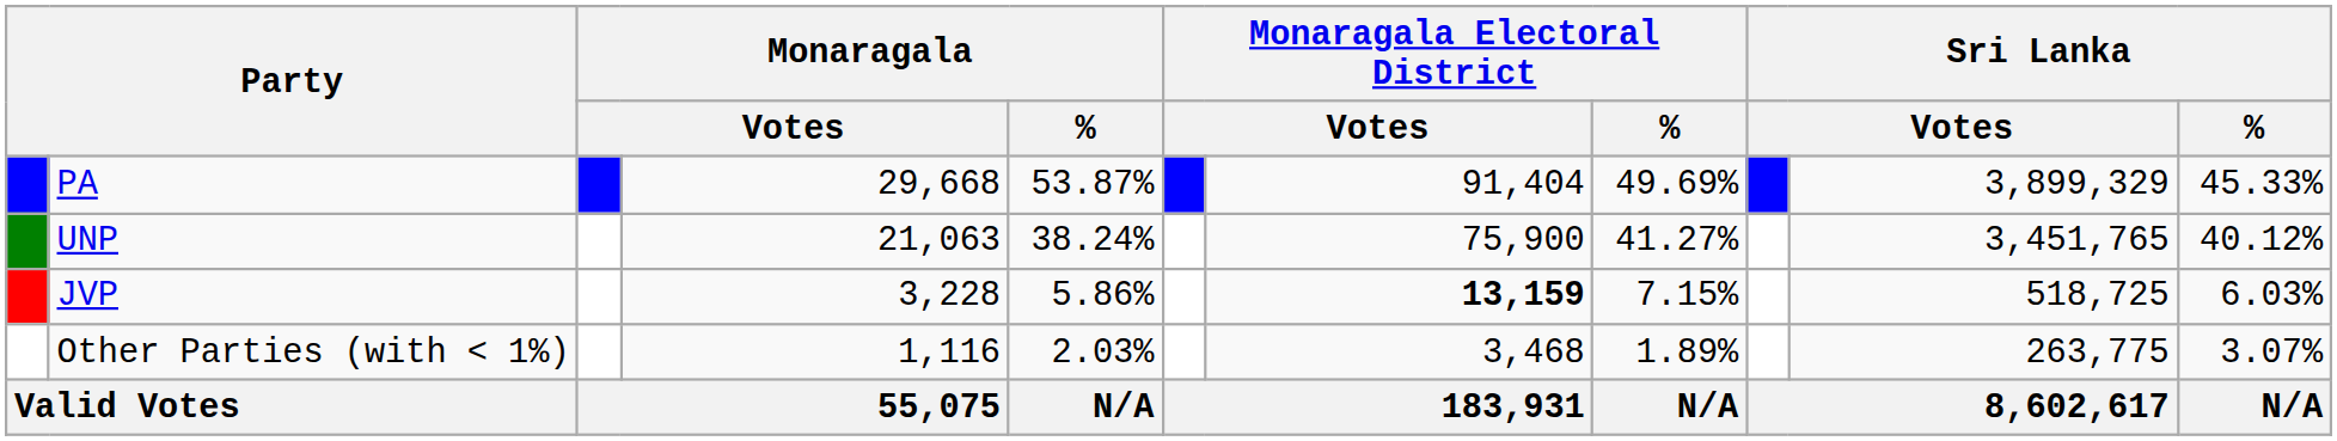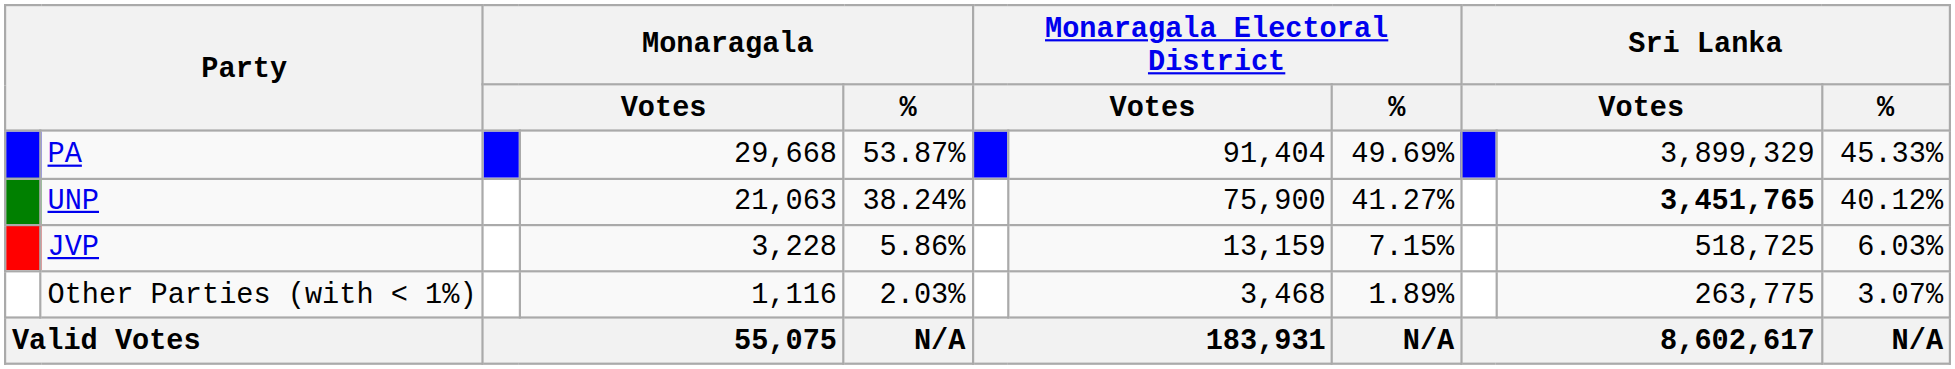 <table class="wikitable">
 <tr>
 <th colspan="2" width="144px"rowspan="2">Party</th>
 <th colspan="3" width="216px">Monaragala</th>
 <th colspan="3" width="216px"><a href='#'>Monaragala Electoral District</a></th>
 <th colspan="3" width="216px">Sri Lanka</th>
 </tr>
 <tr>
 <th colspan="2" width="144px">Votes</th>
 <th>%</th>
 <th colspan="2" width="144px">Votes</th>
 <th>%</th>
 <th colspan="2" width="144px">Votes</th>
 <th>%</th>
 </tr>
 <tr>
 <td style="background-color:blue;" width="10px"></td>
 <td style="text-align:left;"><a href='#'>PA</a></td>
 <td style="background-color:blue;" width="10px"></td>
 <td style="text-align:right;">29,668</td>
 <td style="text-align:right;">53.87%</td>
 <td style="background-color:blue;" width="10px"></td>
 <td style="text-align:right;">91,404</td>
 <td style="text-align:right;">49.69%</td>
 <td style="background-color:blue;" width="10px"></td>
 <td style="text-align:right;">3,899,329</td>
 <td style="text-align:right;">45.33%</td>
 </tr>
 <tr>
 <td style="background-color:green;" width="10px"></td>
 <td style="text-align:left;"><a href='#'>UNP</a></td>
 <td style="background-color:white;" width="10px"></td>
 <td style="text-align:right;">21,063</td>
 <td style="text-align:right;">38.24%</td>
 <td style="background-color:white;" width="10px"></td>
 <td style="text-align:right;">75,900</td>
 <td style="text-align:right;">41.27%</td>
 <td style="background-color:white;" width="10px"></td>
-<td style="text-align:right;">3,451,765</td>
+<td style="text-align:right;"><strong>3,451,765</strong></td>
 <td style="text-align:right;">40.12%</td>
 </tr>
 <tr>
 <td style="background-color:red;" width="10px"></td>
 <td style="text-align:left;"><a href='#'>JVP</a></td>
 <td style="background-color:white;" width="10px"></td>
 <td style="text-align:right;">3,228</td>
 <td style="text-align:right;">5.86%</td>
 <td style="background-color:white;" width="10px"></td>
-<td style="text-align:right;"><strong>13,159</strong></td>
+<td style="text-align:right;">13,159</td>
 <td style="text-align:right;">7.15%</td>
 <td style="background-color:white;" width="10px"></td>
 <td style="text-align:right;">518,725</td>
 <td style="text-align:right;">6.03%</td>
 </tr>
 <tr>
 <td style="background-color:white;" width="10px"></td>
 <td style="text-align:left;">Other Parties (with < 1%)</td>
 <td style="background-color:white;" width="10px"></td>
 <td style="text-align:right;">1,116</td>
 <td style="text-align:right;">2.03%</td>
 <td style="background-color:white;" width="10px"></td>
 <td style="text-align:right;">3,468</td>
 <td style="text-align:right;">1.89%</td>
 <td style="background-color:white;" width="10px"></td>
 <td style="text-align:right;">263,775</td>
 <td style="text-align:right;">3.07%</td>
 </tr>
 <tr>
 <th colspan="2" width="144px"style="text-align:left;">Valid Votes</th>
 <th style="text-align:right;"colspan="2" width="144px">55,075</th>
 <th style="text-align:right;">N/A</th>
 <th style="text-align:right;"colspan="2" width="144px">183,931</th>
 <th style="text-align:right;">N/A</th>
 <th style="text-align:right;"colspan="2" width="144px">8,602,617</th>
 <th style="text-align:right;">N/A</th>
 </tr>
 </table>
